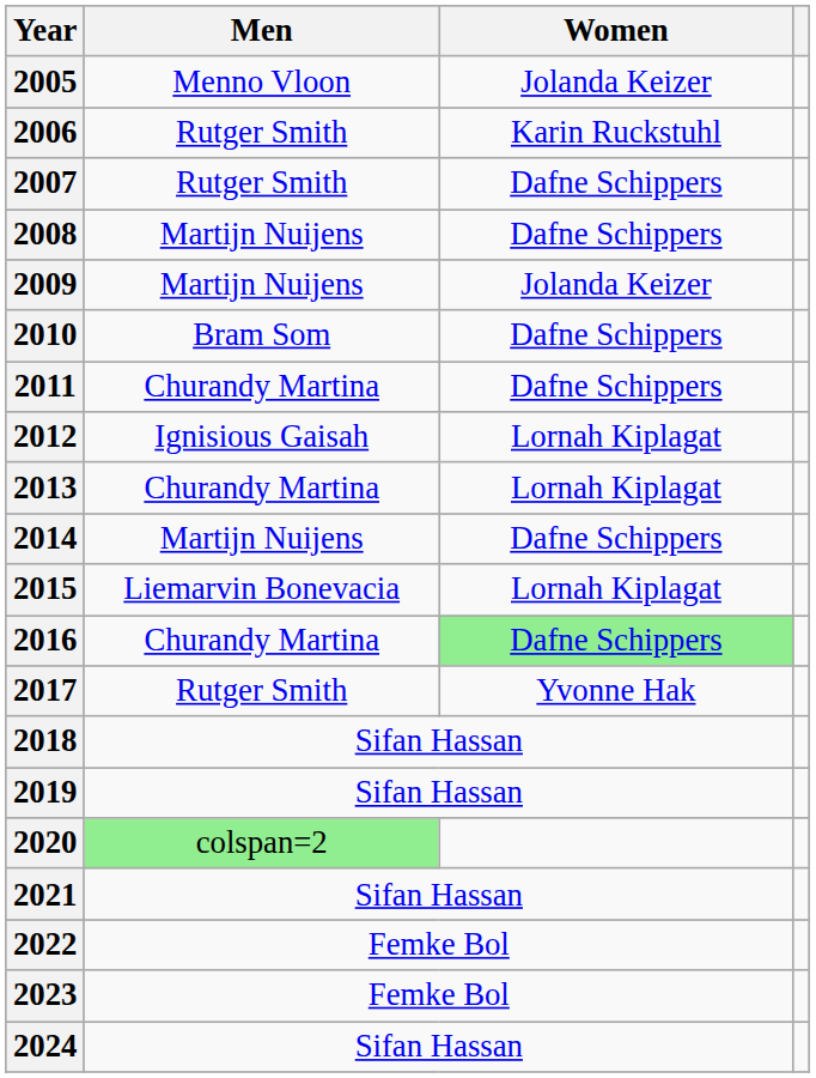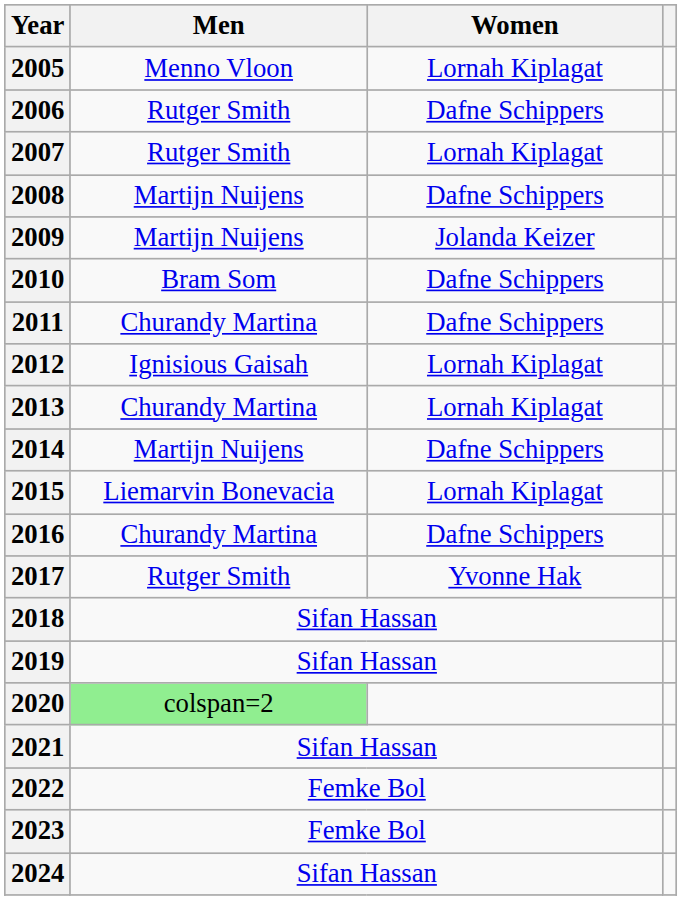 <table class="wikitable" style="text-align:center;">
 <tr>
 <th scope="col">Year</th>
 <th scope="col" style="width:170px;">Men</th>
 <th scope="col" style="width:170px;">Women</th>
 <th scope="col"></th>
 </tr>
 <tr>
 <th scope="row">2005</th>
 <td><a href='#'>Menno Vloon</a></td>
-<td><a href='#'>Jolanda Keizer</a></td>
+<td><a href='#'>Lornah Kiplagat</a></td>
 <td style="text-align:center;"></td>
 </tr>
 <tr>
 <th scope="row">2006</th>
 <td><a href='#'>Rutger Smith</a></td>
-<td><a href='#'>Karin Ruckstuhl</a></td>
+<td><a href='#'>Dafne Schippers</a></td>
 <td style="text-align:center;"></td>
 </tr>
 <tr>
 <th scope="row">2007</th>
 <td><a href='#'>Rutger Smith</a></td>
-<td><a href='#'>Dafne Schippers</a></td>
+<td><a href='#'>Lornah Kiplagat</a></td>
 <td style="text-align:center"></td>
 </tr>
 <tr>
 <th scope="row">2008</th>
 <td><a href='#'>Martijn Nuijens</a></td>
 <td><a href='#'>Dafne Schippers</a></td>
 <td style="text-align:center"></td>
 </tr>
 <tr>
 <th scope="row">2009</th>
 <td><a href='#'>Martijn Nuijens</a></td>
 <td><a href='#'>Jolanda Keizer</a></td>
 <td style="text-align:center"></td>
 </tr>
 <tr>
 <th scope="row">2010</th>
 <td><a href='#'>Bram Som</a></td>
 <td><a href='#'>Dafne Schippers</a></td>
 <td style="text-align:center"></td>
 </tr>
 <tr>
 <th scope="row">2011</th>
 <td><a href='#'>Churandy Martina</a></td>
 <td><a href='#'>Dafne Schippers</a></td>
 <td style="text-align:center"></td>
 </tr>
 <tr>
 <th scope="row">2012</th>
 <td><a href='#'>Ignisious Gaisah</a></td>
 <td><a href='#'>Lornah Kiplagat</a></td>
 <td style="text-align:center"></td>
 </tr>
 <tr>
 <th scope="row">2013</th>
 <td><a href='#'>Churandy Martina</a></td>
 <td><a href='#'>Lornah Kiplagat</a></td>
 <td style="text-align:center"></td>
 </tr>
 <tr>
 <th scope="row">2014</th>
 <td><a href='#'>Martijn Nuijens</a></td>
 <td><a href='#'>Dafne Schippers</a></td>
 <td style="text-align:center"></td>
 </tr>
 <tr>
 <th scope="row">2015</th>
 <td><a href='#'>Liemarvin Bonevacia</a></td>
 <td><a href='#'>Lornah Kiplagat</a></td>
 <td style="text-align:center"></td>
 </tr>
 <tr>
 <th scope="row">2016</th>
 <td><a href='#'>Churandy Martina</a></td>
-<td style="background: lightgreen;"><a href='#'>Dafne Schippers</a></td>
+<td><a href='#'>Dafne Schippers</a></td>
 <td style="text-align:center"></td>
 </tr>
 <tr>
 <th scope="row">2017</th>
 <td><a href='#'>Rutger Smith</a></td>
 <td><a href='#'>Yvonne Hak</a></td>
 <td style="text-align:center"></td>
 </tr>
 <tr>
 <th scope="row">2018</th>
 <td colspan=2><a href='#'>Sifan Hassan</a></td>
 <td style="text-align:center"></td>
 </tr>
 <tr>
 <th scope="row">2019</th>
 <td colspan=2><a href='#'>Sifan Hassan</a></td>
 <td style="text-align:center"></td>
 </tr>
 <tr>
 <th scope="row">2020</th>
 <td style="background: lightgreen;">colspan=2 </td>
 <td style="text-align:center"></td>
 </tr>
 <tr>
 <th scope="row">2021</th>
 <td colspan=2><a href='#'>Sifan Hassan</a></td>
 <td style="text-align:center"></td>
 </tr>
 <tr>
 <th scope="row">2022</th>
 <td colspan=2><a href='#'>Femke Bol</a></td>
 <td style="text-align:center"></td>
 </tr>
 <tr>
 <th scope="row">2023</th>
 <td colspan=2><a href='#'>Femke Bol</a></td>
 <td style="text-align:center"></td>
 </tr>
 <tr>
 <th scope="row">2024</th>
 <td colspan="2"><a href='#'>Sifan Hassan</a></td>
 <td style="text-align:center"></td>
 </tr>
 </table>
